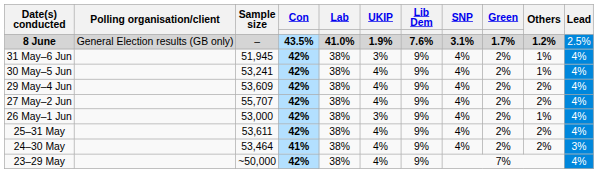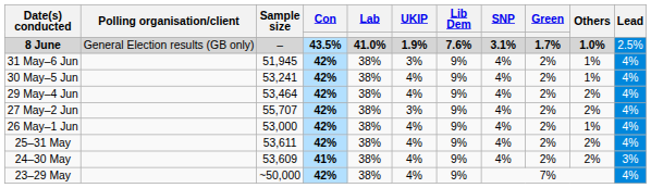 <table class="wikitable sortable mw-datatable" style="text-align:center;font-size:90%;line-height:14px;">
 <tr>
 <th rowspan="2">Date(s)<br>conducted</th>
 <th rowspan="2">Polling organisation/client</th>
 <th rowspan="2">Sample<br>size</th>
 <th style="width:50px;" class="unsortable"><a href='#'>Con</a></th>
 <th style="width:50px;" class="unsortable"><a href='#'>Lab</a></th>
 <th style="width:50px;" class="unsortable"><a href='#'>UKIP</a></th>
 <th style="width:50px;" class="unsortable"><a href='#'>Lib Dem</a></th>
 <th style="width:50px;" class="unsortable"><a href='#'>SNP</a></th>
 <th style="width:50px;" class="unsortable"><a href='#'>Green</a></th>
 <th style="width:50px;" rowspan="2" class="unsortable">Others</th>
 <th class="unsortable" style="width:20px;" rowspan="2">Lead</th>
 </tr>
 <tr>
 <th class="unsortable" style="color:inherit;background:"></th>
 <th class="unsortable" style="color:inherit;background:"></th>
 <th class="unsortable" style="color:inherit;background:"></th>
 <th class="unsortable" style="color:inherit;background:"></th>
 <th class="unsortable" style="color:inherit;background:"></th>
 <th class="unsortable" style="color:inherit;background:"></th>
 </tr>
 <tr>
 <td style="background:#D5D5D5"><strong>8 June</strong></td>
 <td style="background:#D5D5D5">General Election results (GB only) </td>
 <td style="background:#D5D5D5">–</td>
 <td style="background:#B3E0FF"><strong>43.5%</strong></td>
 <td style="background:#D5D5D5"><strong>41.0%</strong></td>
 <td style="background:#D5D5D5"><strong>1.9%</strong></td>
 <td style="background:#D5D5D5"><strong>7.6%</strong></td>
 <td style="background:#D5D5D5"><strong>3.1%</strong></td>
 <td style="background:#D5D5D5"><strong>1.7%</strong></td>
-<td style="background:#D5D5D5"><strong>1.2%</strong></td>
+<td style="background:#D5D5D5"><strong>1.0%</strong></td>
 <td style="background:#0087DC; color:white;">2.5%</td>
 </tr>
 <tr>
 <td>31 May–6 Jun</td>
 <td> </td>
 <td>51,945</td>
 <td style="background:#B3E0FF"><strong>42%</strong></td>
 <td>38%</td>
 <td>3%</td>
 <td>9%</td>
 <td>4%</td>
 <td>2%</td>
 <td>1%</td>
 <td style="background:#0087DC; color:white;">4%</td>
 </tr>
 <tr>
 <td>30 May–5 Jun</td>
 <td> </td>
 <td>53,241</td>
 <td style="background:#B3E0FF"><strong>42%</strong></td>
 <td>38%</td>
 <td>4%</td>
 <td>9%</td>
 <td>4%</td>
 <td>2%</td>
 <td>1%</td>
 <td style="background:#0087DC; color:white;">4%</td>
 </tr>
 <tr>
 <td>29 May–4 Jun</td>
 <td> </td>
-<td>53,609</td>
+<td>53,464</td>
 <td style="background:#B3E0FF"><strong>42%</strong></td>
 <td>38%</td>
 <td>4%</td>
 <td>9%</td>
 <td>4%</td>
 <td>2%</td>
 <td>2%</td>
 <td style="background:#0087DC; color:white;">4%</td>
 </tr>
 <tr>
 <td>27 May–2 Jun</td>
 <td> </td>
 <td>55,707</td>
 <td style="background:#B3E0FF"><strong>42%</strong></td>
 <td>38%</td>
-<td>4%</td>
+<td>3%</td>
 <td>9%</td>
 <td>4%</td>
 <td>2%</td>
 <td>2%</td>
 <td style="background:#0087DC; color:white;">4%</td>
 </tr>
 <tr>
 <td>26 May–1 Jun</td>
 <td> </td>
 <td>53,000</td>
 <td style="background:#B3E0FF"><strong>42%</strong></td>
 <td>38%</td>
-<td>3%</td>
+<td>4%</td>
 <td>9%</td>
 <td>4%</td>
 <td>2%</td>
 <td>1%</td>
 <td style="background:#0087DC; color:white;">4%</td>
 </tr>
 <tr>
 <td>25–31 May</td>
 <td> </td>
 <td>53,611</td>
 <td style="background:#B3E0FF"><strong>42%</strong></td>
 <td>38%</td>
 <td>4%</td>
 <td>9%</td>
 <td>4%</td>
 <td>2%</td>
 <td>2%</td>
 <td style="background:#0087DC; color:white;">4%</td>
 </tr>
 <tr>
 <td>24–30 May</td>
 <td> </td>
-<td>53,464</td>
+<td>53,609</td>
 <td style="background:#B3E0FF"><strong>41%</strong></td>
 <td>38%</td>
 <td>4%</td>
 <td>9%</td>
 <td>4%</td>
 <td>2%</td>
 <td>2%</td>
 <td style="background:#0087DC; color:white;">3%</td>
 </tr>
 <tr>
 <td>23–29 May</td>
 <td></td>
 <td>~50,000</td>
 <td style="background:#B3E0FF"><strong>42%</strong></td>
 <td>38%</td>
 <td>4%</td>
 <td>9%</td>
 <td colspan="3">7%</td>
 <td style="background:#0087DC; color:white;">4%</td>
 </tr>
 </table>
